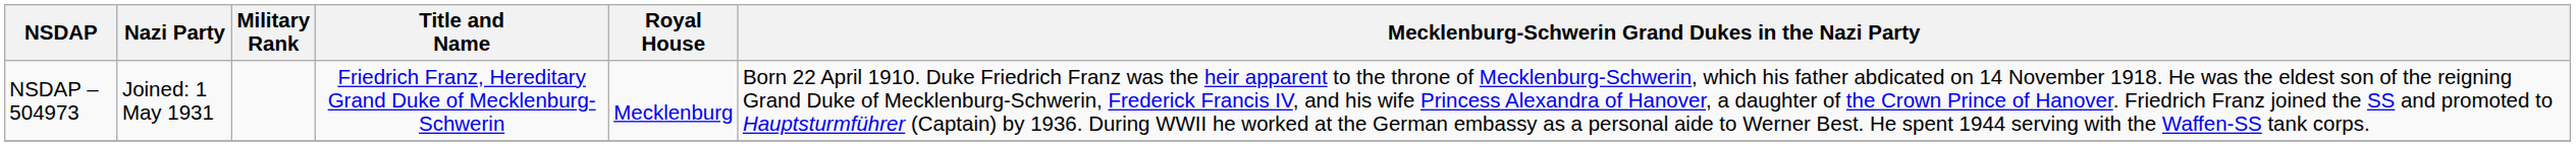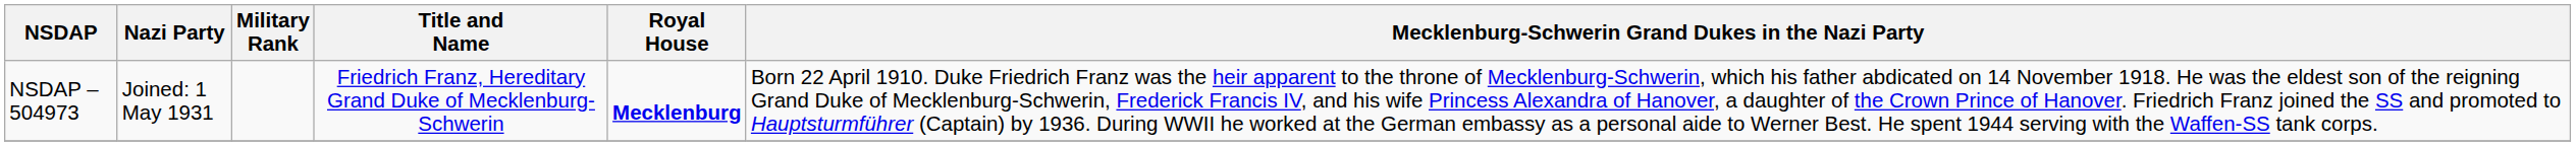 <table class="wikitable">
 <tr>
 <th>NSDAP</th>
 <th>Nazi Party</th>
 <th>Military<br>Rank</th>
 <th>Title and<br>Name</th>
 <th>Royal<br>House</th>
 <th>Mecklenburg-Schwerin Grand Dukes in the Nazi Party</th>
 </tr>
 <tr>
 <td>NSDAP – 504973</td>
 <td>Joined: 1 May 1931</td>
 <td><br><br></td>
 <td align="center"><a href='#'>Friedrich Franz, Hereditary Grand Duke of Mecklenburg-Schwerin</a></td>
-<td align="center"><br><a href='#'>Mecklenburg</a></td>
+<td align="center"><strong><br><a href='#'>Mecklenburg</a></strong></td>
 <td>Born 22 April 1910. Duke Friedrich Franz was the <a href='#'>heir apparent</a> to the throne of <a href='#'>Mecklenburg-Schwerin</a>, which his father abdicated on 14 November 1918. He was the eldest son of the reigning Grand Duke of Mecklenburg-Schwerin, <a href='#'>Frederick Francis IV</a>, and his wife <a href='#'>Princess Alexandra of Hanover</a>, a daughter of <a href='#'>the Crown Prince of Hanover</a>. Friedrich Franz joined the <a href='#'>SS</a> and promoted to <em><a href='#'>Hauptsturmführer</a></em> (Captain) by 1936. During WWII he worked at the German embassy as a personal aide to Werner Best. He spent 1944 serving with the <a href='#'>Waffen-SS</a> tank corps.</td>
 </tr>
 <tr>
 </tr>
 </table>
